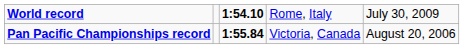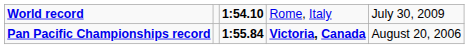 <table class="wikitable">
 <tr>
 <td><strong><a href='#'>World record</a></strong></td>
 <td></td>
 <td><strong>1:54.10</strong></td>
 <td><a href='#'>Rome</a>, <a href='#'>Italy</a></td>
 <td>July 30, 2009</td>
 </tr>
 <tr>
 <td><strong><a href='#'>Pan Pacific Championships record</a></strong></td>
 <td></td>
 <td><strong>1:55.84</strong></td>
-<td><a href='#'>Victoria</a>, <a href='#'>Canada</a></td>
+<td><strong><a href='#'>Victoria</a>, <a href='#'>Canada</a></strong></td>
 <td>August 20, 2006</td>
 </tr>
 </table>
